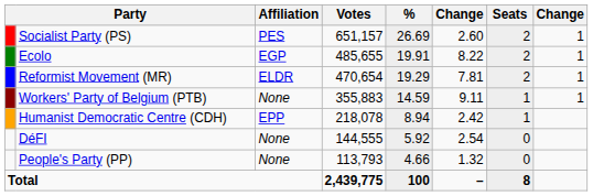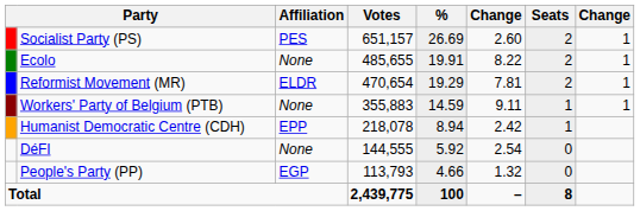 <table class="wikitable" border="1">
 <tr style="background-color:#C9C9C9">
 <th align=left colspan=2 valign=top width=300>Party</th>
 <th align=left width=50>Affiliation</th>
 <th align=right width=50>Votes</th>
 <th align=right width=50>%</th>
 <th align=right width=50>Change</th>
 <th align=right width=50>Seats</th>
 <th align=right width=50>Change</th>
 </tr>
 <tr>
 <td bgcolor="red"> </td>
 <td align=left><a href='#'>Socialist Party</a> (PS)</td>
 <td align=left><a href='#'>PES</a></td>
 <td align=right>651,157</td>
 <td align=right style="background-color:#EEEEEE">26.69</td>
 <td align=right> 2.60</td>
 <td align=right style="background-color:#EEEEEE">2</td>
 <td align=right> 1</td>
 </tr>
 <tr>
 <td bgcolor="green"> </td>
 <td align=left><a href='#'>Ecolo</a></td>
-<td align=left><a href='#'>EGP</a></td>
+<td align=left><em>None</em></td>
 <td align=right>485,655</td>
 <td align=right style="background-color:#EEEEEE">19.91</td>
 <td align=right> 8.22</td>
 <td align=right style="background-color:#EEEEEE">2</td>
 <td align=right> 1</td>
 </tr>
 <tr>
 <td bgcolor="blue"> </td>
 <td align=left><a href='#'>Reformist Movement</a> (MR)</td>
 <td align=left><a href='#'>ELDR</a></td>
 <td align=right>470,654</td>
 <td align=right style="background-color:#EEEEEE">19.29</td>
 <td align=right> 7.81</td>
 <td align=right style="background-color:#EEEEEE">2</td>
 <td align=right> 1</td>
 </tr>
 <tr>
 <td bgcolor="darkred"> </td>
 <td align=left><a href='#'>Workers' Party of Belgium</a> (PTB)</td>
 <td align=left><em>None</em></td>
 <td align=right>355,883</td>
 <td align=right style="background-color:#EEEEEE">14.59</td>
 <td align=right> 9.11</td>
 <td align=right style="background-color:#EEEEEE">1</td>
 <td align=right> 1</td>
 </tr>
 <tr>
 <td bgcolor="orange"> </td>
 <td align=left><a href='#'>Humanist Democratic Centre</a> (CDH)</td>
 <td align=left><a href='#'>EPP</a></td>
 <td align=right>218,078</td>
 <td align=right style="background-color:#EEEEEE">8.94</td>
 <td align=right> 2.42</td>
 <td align=right style="background-color:#EEEEEE">1</td>
 <td align=right></td>
 </tr>
 <tr>
 <td> </td>
 <td align=left><a href='#'>DéFI</a></td>
 <td align=left><em>None</em></td>
 <td align=right>144,555</td>
 <td align=right style="background-color:#EEEEEE">5.92</td>
 <td align=right> 2.54</td>
 <td align=right style="background-color:#EEEEEE">0</td>
 <td align=right></td>
 </tr>
 <tr>
 <td> </td>
 <td align=left><a href='#'>People's Party</a> (PP)</td>
-<td align=left><em>None</em></td>
+<td align=left><a href='#'>EGP</a></td>
 <td align=right>113,793</td>
 <td align=right style="background-color:#EEEEEE">4.66</td>
 <td align=right> 1.32</td>
 <td align=right style="background-color:#EEEEEE">0</td>
 <td align=right></td>
 </tr>
 <tr>
 <td align=left colspan=3><strong>Total</strong></td>
 <td align=right><strong>2,439,775</strong></td>
 <td align=right style="background-color:#EEEEEE"><strong>100</strong></td>
 <td align=right><strong>–</strong></td>
 <td align=right style="background-color:#EEEEEE"><strong>8</strong></td>
 <td align=right><strong></strong></td>
 </tr>
 </table>
